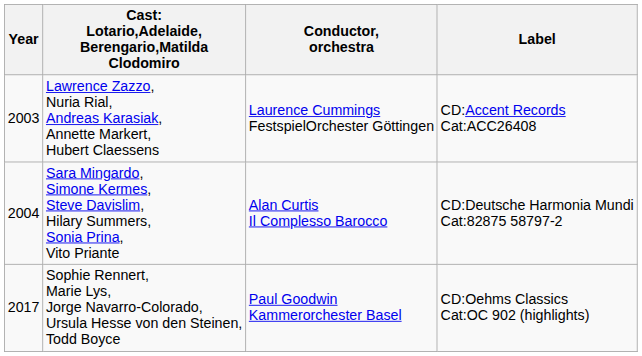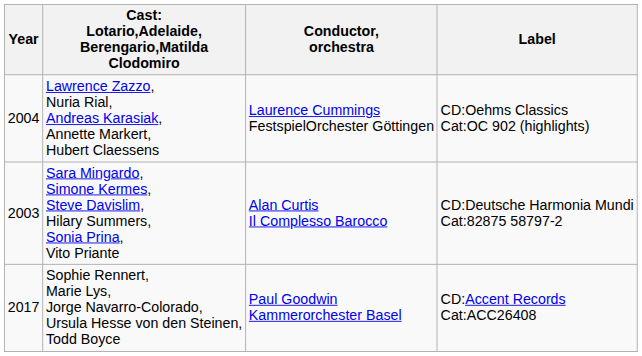 <table class="wikitable">
 <tr>
 <th>Year</th>
 <th>Cast:<br>Lotario,Adelaide, <br>Berengario,Matilda<br>Clodomiro</th>
 <th>Conductor,<br>orchestra</th>
 <th>Label</th>
 </tr>
 <tr>
-<td>2003</td>
+<td>2004</td>
 <td><a href='#'>Lawrence Zazzo</a>,<br>Nuria Rial,<br><a href='#'>Andreas Karasiak</a>,<br>Annette Markert,<br>Hubert Claessens</td>
 <td><a href='#'>Laurence Cummings</a><br>FestspielOrchester Göttingen</td>
-<td>CD:<a href='#'>Accent Records</a><br>Cat:ACC26408</td>
+<td>CD:Oehms Classics<br>Cat:OC 902 (highlights)</td>
 </tr>
 <tr>
-<td>2004</td>
+<td>2003</td>
 <td><a href='#'>Sara Mingardo</a>,<br><a href='#'>Simone Kermes</a>,<br><a href='#'>Steve Davislim</a>,<br>Hilary Summers,<br><a href='#'>Sonia Prina</a>,<br>Vito Priante</td>
 <td><a href='#'>Alan Curtis</a><br><a href='#'>Il Complesso Barocco</a></td>
 <td>CD:Deutsche Harmonia Mundi<br>Cat:82875 58797-2</td>
 </tr>
 <tr>
 <td>2017</td>
 <td>Sophie Rennert,<br>Marie Lys,<br>Jorge Navarro-Colorado,<br>Ursula Hesse von den Steinen,<br>Todd Boyce</td>
 <td><a href='#'>Paul Goodwin</a><br><a href='#'>Kammerorchester Basel</a></td>
-<td>CD:Oehms Classics<br>Cat:OC 902 (highlights)</td>
+<td>CD:<a href='#'>Accent Records</a><br>Cat:ACC26408</td>
 </tr>
 </table>
